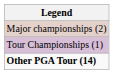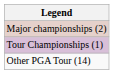 <table class="wikitable" style="font-size:95%;">
 <tr>
 <th>Legend</th>
 </tr>
 <tr style="background:#e5d1cb;">
 <td>Major championships (2)</td>
 </tr>
 <tr style="background:thistle;">
 <td>Tour Championships (1)</td>
 </tr>
 <tr>
-<td><strong>Other PGA Tour (14)</strong></td>
+<td>Other PGA Tour (14)</td>
 </tr>
 </table>
